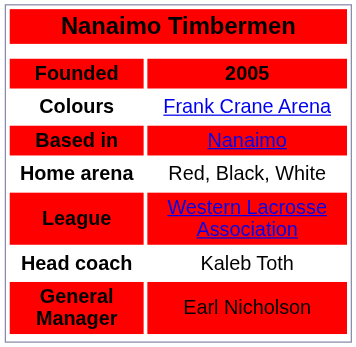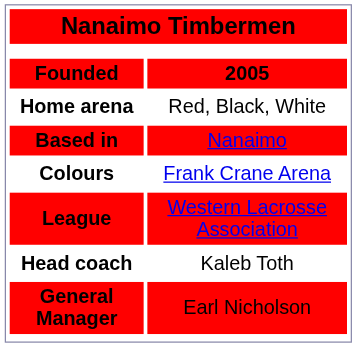 <table style="margin:5px; border:1px solid #8888AA;" align=right cellpadding=3 cellspacing=3 width=280>
 <tr align="center" bgcolor="red">
 <td colspan=2><big><span> <strong>Nanaimo Timbermen</strong></span></big></td>
 </tr>
 <tr align="center">
 <td colspan=2></td>
 </tr>
 <tr align="center" bgcolor="red">
 <td><strong>Founded</strong></td>
 <td><strong>2005</strong></td>
 </tr>
 <tr align="center">
-<td><strong>Colours</strong></td>
-<td><a href='#'>Frank Crane Arena</a></td>
+<td><strong>Home arena</strong></td>
+<td>Red, Black, White</td>
 </tr>
 <tr align="center" bgcolor="red">
 <td><strong>Based in</strong></td>
 <td><a href='#'>Nanaimo</a></td>
 </tr>
 <tr align="center">
-<td><strong>Home arena</strong></td>
-<td>Red, Black, White</td>
+<td><strong>Colours</strong></td>
+<td><a href='#'>Frank Crane Arena</a></td>
 </tr>
 <tr align="center" bgcolor="red">
 <td><strong>League</strong></td>
 <td><a href='#'>Western Lacrosse Association</a></td>
 </tr>
 <tr align="center">
 <td><strong>Head coach</strong></td>
 <td>Kaleb Toth</td>
 </tr>
 <tr align="center" bgcolor="red">
 <td><strong>General Manager</strong></td>
 <td>Earl Nicholson</td>
 </tr>
 <tr align="center" bgcolor="red">
 </tr>
 </table>
